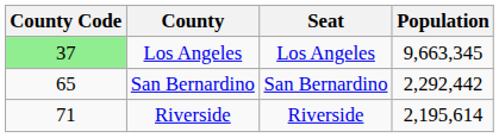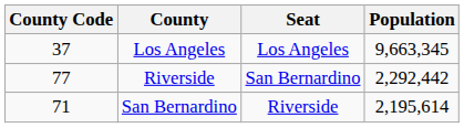 <table class="wikitable sortable" style="text-align:center;">
 <tr>
 <th> County Code</th>
 <th>County</th>
 <th>Seat</th>
 <th>Population</th>
 </tr>
 <tr>
-<td style="background: lightgreen;">37</td>
+<td>37</td>
 <td><a href='#'>Los Angeles</a></td>
 <td><a href='#'>Los Angeles</a></td>
 <td>9,663,345</td>
 </tr>
 <tr>
-<td>65</td>
-<td><a href='#'>San Bernardino</a></td>
+<td>77</td>
+<td><a href='#'>Riverside</a></td>
 <td><a href='#'>San Bernardino</a></td>
 <td>2,292,442</td>
 </tr>
 <tr>
 <td>71</td>
-<td><a href='#'>Riverside</a></td>
+<td><a href='#'>San Bernardino</a></td>
 <td><a href='#'>Riverside</a></td>
 <td>2,195,614</td>
 </tr>
 </table>
